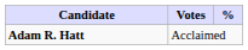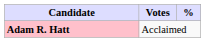 <table class="wikitable">
 <tr>
 <th style="background:#ddf; width:200px;">Candidate</th>
 <th style="background:#ddf; width:50px;">Votes</th>
 <th style="background:#ddf; width:30px;">%</th>
 </tr>
 <tr>
-<td><strong>Adam R. Hatt</strong></td>
+<td style="background: pink;"><strong>Adam R. Hatt</strong></td>
 <td colspan="2">Acclaimed</td>
 </tr>
 </table>
